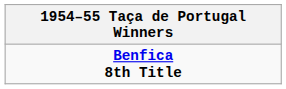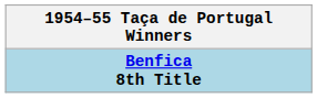 <table class="wikitable" style="text-align: center; margin: 0 auto; width: 20%">
 <tr>
 <th>1954–55 Taça de Portugal Winners</th>
 </tr>
 <tr>
-<td><strong><a href='#'>Benfica</a></strong><br><strong>8th Title</strong></td>
+<td style="background: lightblue;"><strong><a href='#'>Benfica</a></strong><br><strong>8th Title</strong></td>
 </tr>
 </table>
